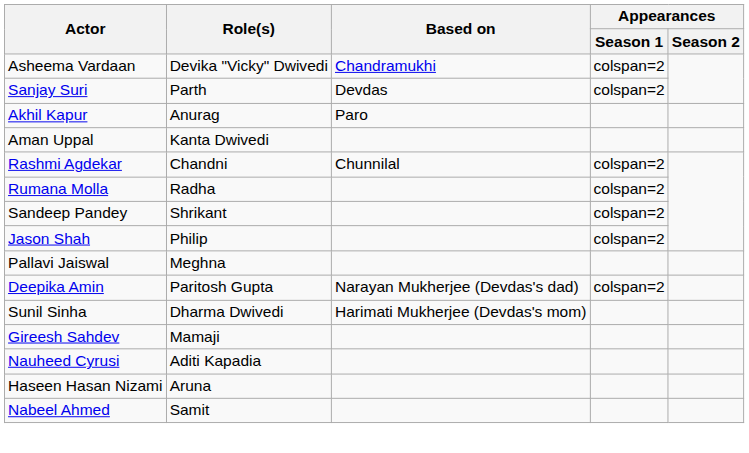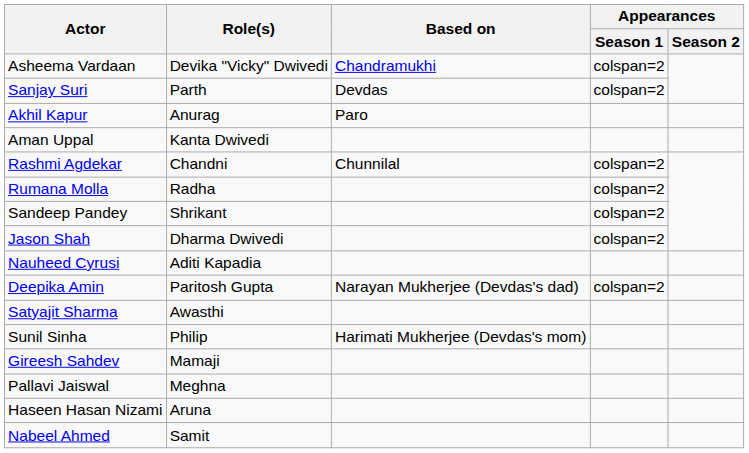 <table class="wikitable">
 <tr>
 <th rowspan="2">Actor</th>
 <th rowspan="2">Role(s)</th>
 <th rowspan="2">Based on</th>
 <th colspan="2">Appearances</th>
 </tr>
 <tr>
 <th>Season 1</th>
 <th>Season 2</th>
 </tr>
 <tr>
 <td>Asheema Vardaan</td>
 <td>Devika "Vicky" Dwivedi</td>
 <td><a href='#'>Chandramukhi</a></td>
 <td>colspan=2 </td>
 </tr>
 <tr>
 <td><a href='#'>Sanjay Suri</a></td>
 <td>Parth</td>
 <td>Devdas</td>
 <td>colspan=2 </td>
 </tr>
 <tr>
 <td><a href='#'>Akhil Kapur</a></td>
 <td>Anurag</td>
 <td>Paro</td>
 <td></td>
 <td></td>
 </tr>
 <tr>
 <td>Aman Uppal</td>
 <td>Kanta Dwivedi</td>
 <td></td>
 <td></td>
 <td></td>
 </tr>
 <tr>
 <td><a href='#'>Rashmi Agdekar</a></td>
 <td>Chandni</td>
 <td>Chunnilal</td>
 <td>colspan=2 </td>
 </tr>
 <tr>
 <td><a href='#'>Rumana Molla</a></td>
 <td>Radha</td>
 <td></td>
 <td>colspan=2 </td>
 </tr>
 <tr>
 <td>Sandeep Pandey</td>
 <td>Shrikant</td>
 <td></td>
 <td>colspan=2 </td>
 </tr>
 <tr>
 <td><a href='#'>Jason Shah</a></td>
-<td>Philip</td>
+<td>Dharma Dwivedi</td>
 <td></td>
 <td>colspan=2 </td>
 </tr>
 <tr>
-<td>Pallavi Jaiswal</td>
-<td>Meghna</td>
+<td><a href='#'>Nauheed Cyrusi</a></td>
+<td>Aditi Kapadia</td>
 <td></td>
 <td></td>
 <td></td>
 </tr>
 <tr>
 <td><a href='#'>Deepika Amin</a></td>
 <td>Paritosh Gupta</td>
 <td>Narayan Mukherjee (Devdas's dad)</td>
 <td>colspan=2 </td>
 </tr>
 <tr>
+<td><a href='#'>Satyajit Sharma</a></td>
+<td>Awasthi</td>
+<td></td>
+<td></td>
+<td></td>
+</tr>
+<tr>
 <td>Sunil Sinha</td>
-<td>Dharma Dwivedi</td>
+<td>Philip</td>
 <td>Harimati Mukherjee (Devdas's mom)</td>
 <td></td>
 <td></td>
 </tr>
 <tr>
 <td><a href='#'>Gireesh Sahdev</a></td>
 <td>Mamaji</td>
 <td></td>
 <td></td>
 </tr>
 <tr>
-<td><a href='#'>Nauheed Cyrusi</a></td>
-<td>Aditi Kapadia</td>
+<td>Pallavi Jaiswal</td>
+<td>Meghna</td>
 <td></td>
 <td></td>
 <td></td>
 </tr>
 <tr>
 <td>Haseen Hasan Nizami</td>
 <td>Aruna</td>
 <td></td>
 <td></td>
 <td></td>
 </tr>
 <tr>
 <td><a href='#'>Nabeel Ahmed</a></td>
 <td>Samit</td>
 <td></td>
 <td></td>
 <td></td>
 </tr>
 </table>
